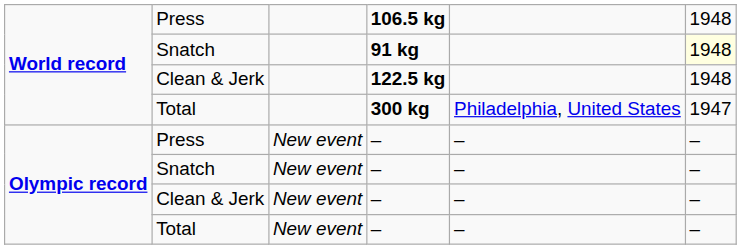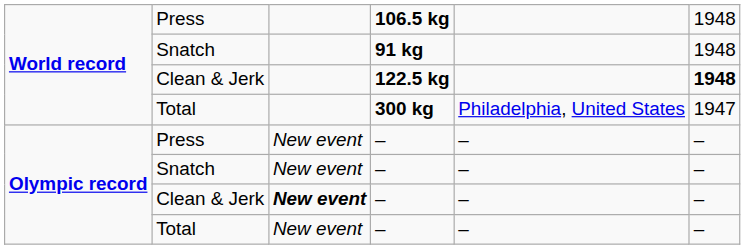 <table class="wikitable">
 <tr>
 <td rowspan=4><strong><a href='#'>World record</a></strong></td>
 <td>Press</td>
 <td></td>
 <td><strong>106.5 kg</strong></td>
 <td></td>
 <td>1948</td>
 </tr>
 <tr>
 <td>Snatch</td>
 <td></td>
 <td><strong>91 kg</strong></td>
 <td></td>
-<td style="background: lightyellow;">1948</td>
+<td>1948</td>
 </tr>
 <tr>
 <td>Clean & Jerk</td>
 <td></td>
 <td><strong>122.5 kg</strong></td>
 <td></td>
-<td>1948</td>
+<td><strong>1948</strong></td>
 </tr>
 <tr>
 <td>Total</td>
 <td></td>
 <td><strong>300 kg</strong></td>
 <td><a href='#'>Philadelphia</a>, <a href='#'>United States</a></td>
 <td>1947</td>
 </tr>
 <tr>
 <td rowspan=4><strong><a href='#'>Olympic record</a></strong></td>
 <td>Press</td>
 <td><em>New event</em></td>
 <td>–</td>
 <td>–</td>
 <td>–</td>
 </tr>
 <tr>
 <td>Snatch</td>
 <td><em>New event</em></td>
 <td>–</td>
 <td>–</td>
 <td>–</td>
 </tr>
 <tr>
 <td>Clean & Jerk</td>
-<td><em>New event</em></td>
+<td><strong><em>New event</em></strong></td>
 <td>–</td>
 <td>–</td>
 <td>–</td>
 </tr>
 <tr>
 <td>Total</td>
 <td><em>New event</em></td>
 <td>–</td>
 <td>–</td>
 <td>–</td>
 </tr>
 </table>
